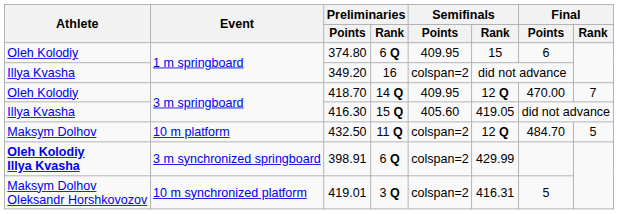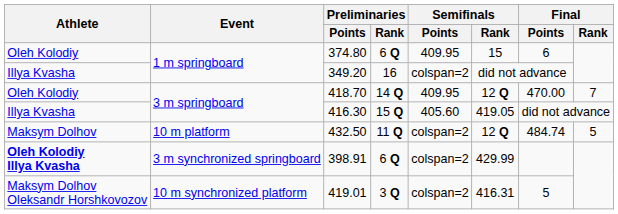 <table class=wikitable style="font-size:90%;">
 <tr>
 <th rowspan="2">Athlete</th>
 <th rowspan="2">Event</th>
 <th colspan="2">Preliminaries</th>
 <th colspan="2">Semifinals</th>
 <th colspan="2">Final</th>
 </tr>
 <tr style="font-size:95%">
 <th>Points</th>
 <th>Rank</th>
 <th>Points</th>
 <th>Rank</th>
 <th>Points</th>
 <th>Rank</th>
 </tr>
 <tr align=center>
 <td align=left><a href='#'>Oleh Kolodiy</a></td>
 <td align=left rowspan=2><a href='#'>1 m springboard</a></td>
 <td>374.80</td>
 <td>6 <strong>Q</strong></td>
 <td>409.95</td>
 <td>15</td>
 <td>6</td>
 </tr>
 <tr align=center>
 <td align=left><a href='#'>Illya Kvasha</a></td>
 <td>349.20</td>
 <td>16</td>
 <td>colspan=2 </td>
 <td colspan=2>did not advance</td>
 </tr>
 <tr align=center>
 <td align=left><a href='#'>Oleh Kolodiy</a></td>
 <td align=left rowspan=2><a href='#'>3 m springboard</a></td>
 <td>418.70</td>
 <td>14 <strong>Q</strong></td>
 <td>409.95</td>
 <td>12 <strong>Q</strong></td>
 <td>470.00</td>
 <td>7</td>
 </tr>
 <tr align=center>
 <td align=left><a href='#'>Illya Kvasha</a></td>
 <td>416.30</td>
 <td>15 <strong>Q</strong></td>
 <td>405.60</td>
 <td>419.05</td>
 <td colspan=2>did not advance</td>
 </tr>
 <tr align=center>
 <td align=left><a href='#'>Maksym Dolhov</a></td>
 <td align=left><a href='#'>10 m platform</a></td>
 <td>432.50</td>
 <td>11 <strong>Q</strong></td>
 <td>colspan=2 </td>
 <td>12 <strong>Q</strong></td>
-<td>484.70</td>
+<td>484.74</td>
 <td>5</td>
 </tr>
 <tr align=center>
 <td align=left><strong><a href='#'>Oleh Kolodiy</a><br><a href='#'>Illya Kvasha</a></strong></td>
 <td align=left><a href='#'>3 m synchronized springboard</a></td>
 <td>398.91</td>
 <td>6 <strong>Q</strong></td>
 <td>colspan=2 </td>
 <td>429.99</td>
 <td></td>
 </tr>
 <tr align=center>
 <td align=left><a href='#'>Maksym Dolhov</a><br><a href='#'>Oleksandr Horshkovozov</a></td>
 <td align=left><a href='#'>10 m synchronized platform</a></td>
 <td>419.01</td>
 <td>3 <strong>Q</strong></td>
 <td>colspan=2 </td>
 <td>416.31</td>
 <td>5</td>
 </tr>
 </table>
